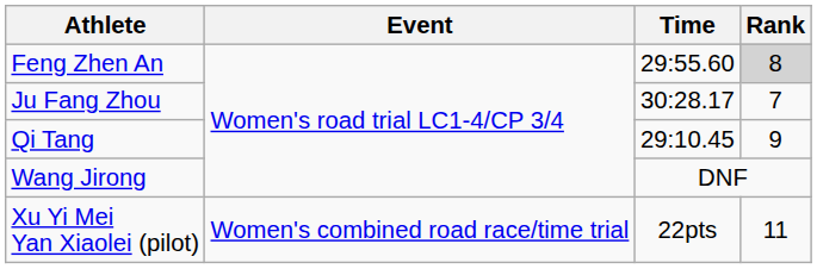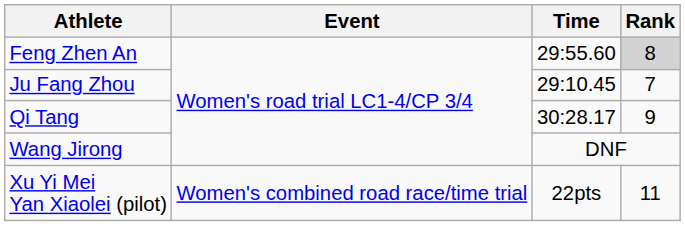 <table class=wikitable style="font-size:90%">
 <tr>
 <th>Athlete</th>
 <th>Event</th>
 <th>Time</th>
 <th>Rank</th>
 </tr>
 <tr>
 <td><a href='#'>Feng Zhen An</a></td>
 <td rowspan="4"><a href='#'>Women's road trial LC1-4/CP 3/4</a></td>
 <td style="text-align:center;">29:55.60</td>
 <td style="background: lightgrey; text-align:center;">8</td>
 </tr>
 <tr>
 <td><a href='#'>Ju Fang Zhou</a></td>
-<td style="text-align:center;">30:28.17</td>
+<td style="text-align:center;">29:10.45</td>
 <td style="text-align:center;">7</td>
 </tr>
 <tr>
 <td><a href='#'>Qi Tang</a></td>
-<td style="text-align:center;">29:10.45</td>
+<td style="text-align:center;">30:28.17</td>
 <td style="text-align:center;">9</td>
 </tr>
 <tr>
 <td><a href='#'>Wang Jirong</a></td>
 <td style="text-align:center;" colspan="2">DNF</td>
 </tr>
 <tr>
 <td><a href='#'>Xu Yi Mei</a><br> <a href='#'>Yan Xiaolei</a> (pilot)</td>
 <td><a href='#'>Women's combined road race/time trial</a></td>
 <td style="text-align:center;">22pts</td>
 <td style="text-align:center;">11</td>
 </tr>
 </table>
